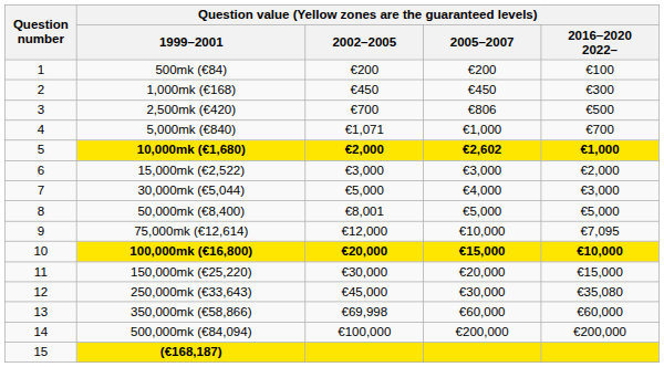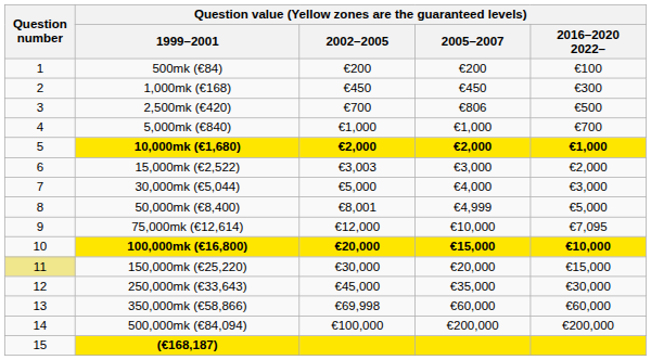 <table class="wikitable" style="text-align:center; border:1px;; cellpadding:2; cellspacing:0; width:65%;">
 <tr>
 <th rowspan="2" style="width: 11%">Question number</th>
 <th colspan="4">Question value (Yellow zones are the guaranteed levels)</th>
 </tr>
 <tr>
 <th style="width: 35%">1999–2001</th>
 <th style="width: 18%">2002–2005</th>
 <th style="width: 18%">2005–2007</th>
 <th style="width: 18%">2016–2020<br>2022–</th>
 </tr>
 <tr>
 <td>1</td>
 <td><span>500mk (€84)</span></td>
 <td><span>€200</span></td>
 <td><span>€200</span></td>
 <td><span>€100</span></td>
 </tr>
 <tr>
 <td>2</td>
 <td><span>1,000mk (€168)</span></td>
 <td><span>€450</span></td>
 <td><span>€450</span></td>
 <td><span>€300</span></td>
 </tr>
 <tr>
 <td>3</td>
 <td><span>2,500mk (€420)</span></td>
 <td><span>€700</span></td>
 <td><span>€806</span></td>
 <td><span>€500</span></td>
 </tr>
 <tr>
 <td>4</td>
 <td><span>5,000mk (€840)</span></td>
-<td><span>€1,071</span></td>
+<td><span>€1,000</span></td>
 <td><span>€1,000</span></td>
 <td><span>€700</span></td>
 </tr>
 <tr>
 <td>5</td>
 <td style="background: #FFE600"><span><strong>10,000mk (€1,680)</strong></span></td>
 <td style="background: #FFE600"><span><strong>€2,000</strong></span></td>
-<td style="background: #FFE600"><span><strong>€2,602</strong></span></td>
+<td style="background: #FFE600"><span><strong>€2,000</strong></span></td>
 <td style="background: #FFE600"><span><strong>€1,000</strong></span></td>
 </tr>
 <tr>
 <td>6</td>
 <td><span>15,000mk (€2,522)</span></td>
-<td><span>€3,000</span></td>
+<td><span>€3,003</span></td>
 <td><span>€3,000</span></td>
 <td><span>€2,000</span></td>
 </tr>
 <tr>
 <td>7</td>
 <td><span>30,000mk (€5,044)</span></td>
 <td><span>€5,000</span></td>
 <td><span>€4,000</span></td>
 <td><span>€3,000</span></td>
 </tr>
 <tr>
 <td>8</td>
 <td><span>50,000mk (€8,400)</span></td>
 <td><span>€8,001</span></td>
-<td><span>€5,000</span></td>
+<td><span>€4,999</span></td>
 <td><span>€5,000</span></td>
 </tr>
 <tr>
 <td>9</td>
 <td><span>75,000mk (€12,614)</span></td>
 <td><span>€12,000</span></td>
 <td><span>€10,000</span></td>
 <td><span>€7,095</span></td>
 </tr>
 <tr>
 <td>10</td>
 <td style="background: #FFE600"><span><strong>100,000mk (€16,800)</strong></span></td>
 <td style="background: #FFE600"><span><strong>€20,000</strong></span></td>
 <td style="background: #FFE600"><span><strong>€15,000</strong></span></td>
 <td style="background: #FFE600"><span><strong>€10,000</strong></span></td>
 </tr>
 <tr>
-<td>11</td>
+<td style="background: khaki;">11</td>
 <td><span>150,000mk (€25,220)</span></td>
 <td><span>€30,000</span></td>
 <td><span>€20,000</span></td>
 <td><span>€15,000</span></td>
 </tr>
 <tr>
 <td>12</td>
 <td><span>250,000mk (€33,643)</span></td>
 <td><span>€45,000</span></td>
+<td><span>€35,000</span></td>
 <td><span>€30,000</span></td>
-<td><span>€35,080</span></td>
 </tr>
 <tr>
 <td>13</td>
 <td><span>350,000mk (€58,866)</span></td>
 <td><span>€69,998</span></td>
 <td><span>€60,000</span></td>
 <td><span>€60,000</span></td>
 </tr>
 <tr>
 <td>14</td>
 <td><span>500,000mk (€84,094)</span></td>
 <td><span>€100,000</span></td>
 <td><span>€200,000</span></td>
 <td><span>€200,000</span></td>
 </tr>
 <tr>
 <td>15</td>
 <td style="background: #FFE600"><span><strong> (€168,187)</strong></span></td>
 <td style="background: #FFE600"><span><strong></strong></span></td>
 <td style="background: #FFE600"><span><strong></strong></span></td>
 <td style="background: #FFE600"><span><strong></strong></span></td>
 </tr>
 </table>
